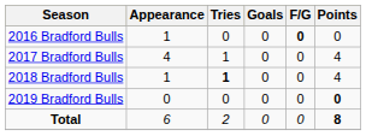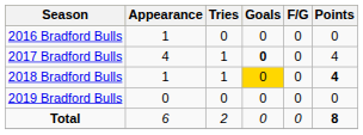 <table class="wikitable" style="text-align:center;">
 <tr bgcolor=#bdb76b>
 <th>Season</th>
 <th>Appearance</th>
 <th>Tries</th>
 <th>Goals</th>
 <th>F/G</th>
 <th>Points</th>
 </tr>
 <tr>
 <td><a href='#'>2016 Bradford Bulls</a></td>
 <td>1</td>
 <td>0</td>
 <td>0</td>
-<td><strong>0</strong></td>
+<td>0</td>
 <td>0</td>
 </tr>
 <tr>
 <td><a href='#'>2017 Bradford Bulls</a></td>
 <td>4</td>
 <td>1</td>
-<td>0</td>
+<td><strong>0</strong></td>
 <td>0</td>
 <td>4</td>
 </tr>
 <tr>
 <td><a href='#'>2018 Bradford Bulls</a></td>
 <td>1</td>
-<td><strong>1</strong></td>
+<td>1</td>
+<td style="background: gold;">0</td>
 <td>0</td>
-<td>0</td>
-<td>4</td>
+<td><strong>4</strong></td>
 </tr>
 <tr>
 <td><a href='#'>2019 Bradford Bulls</a></td>
 <td>0</td>
 <td>0</td>
 <td>0</td>
 <td>0</td>
-<td><strong>0</strong></td>
+<td>0</td>
 </tr>
 <tr>
 <td><strong>Total</strong></td>
 <td><em>6</em></td>
 <td><em>2</em></td>
 <td><em>0</em></td>
 <td><em>0</em></td>
 <td><strong>8</strong></td>
 </tr>
 <tr>
 </tr>
 </table>
